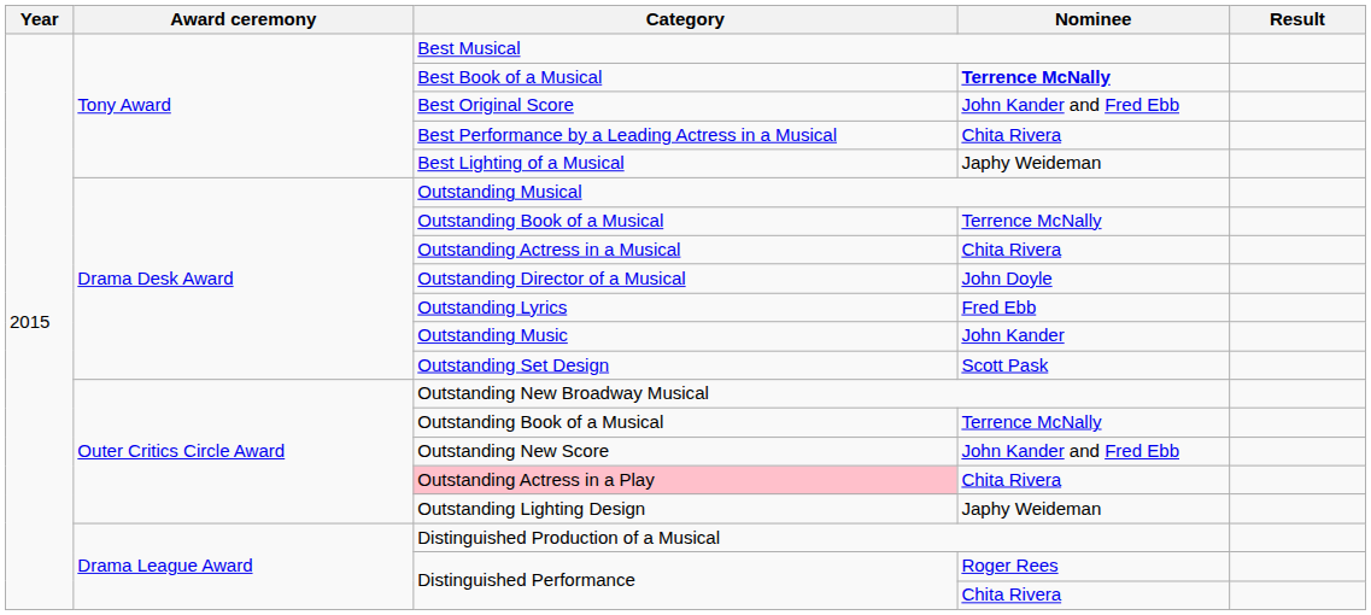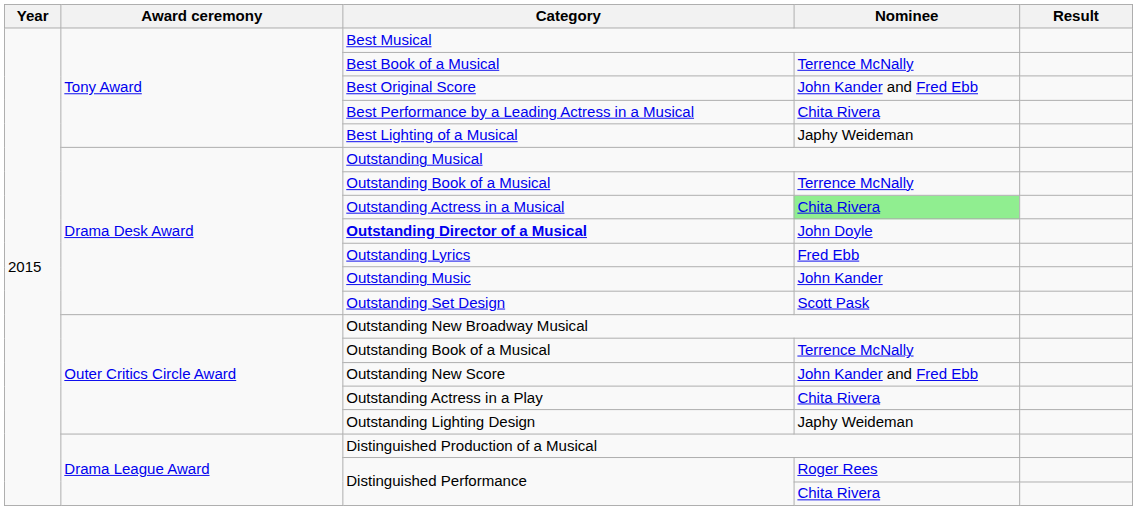 <table class="wikitable" width="95%">
 <tr>
 <th width="5%">Year</th>
 <th width="25%">Award ceremony</th>
 <th width="40%">Category</th>
 <th width="20%">Nominee</th>
 <th width="10%">Result</th>
 </tr>
 <tr>
 <td rowspan="20">2015</td>
 <td rowspan="5"><a href='#'>Tony Award</a></td>
 <td colspan="2"><a href='#'>Best Musical</a></td>
 <td></td>
 </tr>
 <tr>
 <td><a href='#'>Best Book of a Musical</a></td>
-<td><strong><a href='#'>Terrence McNally</a></strong></td>
+<td><a href='#'>Terrence McNally</a></td>
 <td></td>
 </tr>
 <tr>
 <td><a href='#'>Best Original Score</a></td>
 <td><a href='#'>John Kander</a> and <a href='#'>Fred Ebb</a></td>
 <td></td>
 </tr>
 <tr>
 <td><a href='#'>Best Performance by a Leading Actress in a Musical</a></td>
 <td><a href='#'>Chita Rivera</a></td>
 <td></td>
 </tr>
 <tr>
 <td><a href='#'>Best Lighting of a Musical</a></td>
 <td>Japhy Weideman</td>
 <td></td>
 </tr>
 <tr>
 <td rowspan="7"><a href='#'>Drama Desk Award</a></td>
 <td colspan="2"><a href='#'>Outstanding Musical</a></td>
 <td></td>
 </tr>
 <tr>
 <td><a href='#'>Outstanding Book of a Musical</a></td>
 <td><a href='#'>Terrence McNally</a></td>
 <td></td>
 </tr>
 <tr>
 <td><a href='#'>Outstanding Actress in a Musical</a></td>
-<td><a href='#'>Chita Rivera</a></td>
+<td style="background: lightgreen;"><a href='#'>Chita Rivera</a></td>
 <td></td>
 </tr>
 <tr>
-<td><a href='#'>Outstanding Director of a Musical</a></td>
+<td><strong><a href='#'>Outstanding Director of a Musical</a></strong></td>
 <td><a href='#'>John Doyle</a></td>
 <td></td>
 </tr>
 <tr>
 <td><a href='#'>Outstanding Lyrics</a></td>
 <td><a href='#'>Fred Ebb</a></td>
 <td></td>
 </tr>
 <tr>
 <td><a href='#'>Outstanding Music</a></td>
 <td><a href='#'>John Kander</a></td>
 <td></td>
 </tr>
 <tr>
 <td><a href='#'>Outstanding Set Design</a></td>
 <td><a href='#'>Scott Pask</a></td>
 <td></td>
 </tr>
 <tr>
 <td rowspan="5"><a href='#'>Outer Critics Circle Award</a></td>
 <td colspan="2">Outstanding New Broadway Musical</td>
 <td></td>
 </tr>
 <tr>
 <td>Outstanding Book of a Musical</td>
 <td><a href='#'>Terrence McNally</a></td>
 <td></td>
 </tr>
 <tr>
 <td>Outstanding New Score</td>
 <td><a href='#'>John Kander</a> and <a href='#'>Fred Ebb</a></td>
 <td></td>
 </tr>
 <tr>
-<td style="background: pink;">Outstanding Actress in a Play</td>
+<td>Outstanding Actress in a Play</td>
 <td><a href='#'>Chita Rivera</a></td>
 <td></td>
 </tr>
 <tr>
 <td>Outstanding Lighting Design</td>
 <td>Japhy Weideman</td>
 <td></td>
 </tr>
 <tr>
 <td rowspan="3"><a href='#'>Drama League Award</a></td>
 <td colspan="2">Distinguished Production of a Musical</td>
 <td></td>
 </tr>
 <tr>
 <td rowspan="2">Distinguished Performance</td>
 <td><a href='#'>Roger Rees</a></td>
 <td></td>
 </tr>
 <tr>
 <td><a href='#'>Chita Rivera</a></td>
 <td></td>
 </tr>
 </table>
